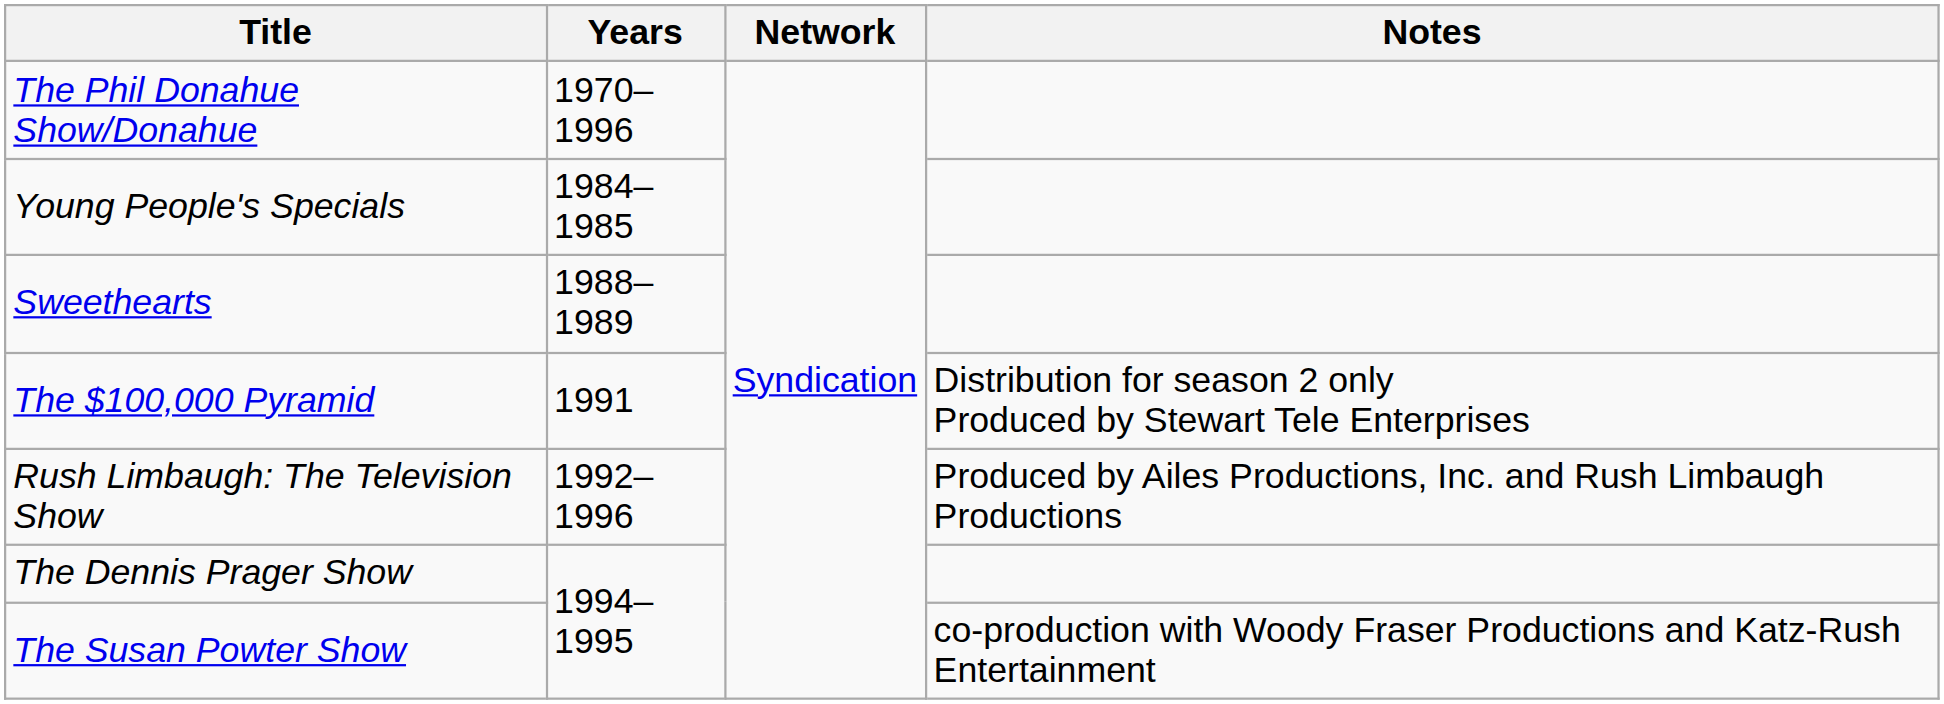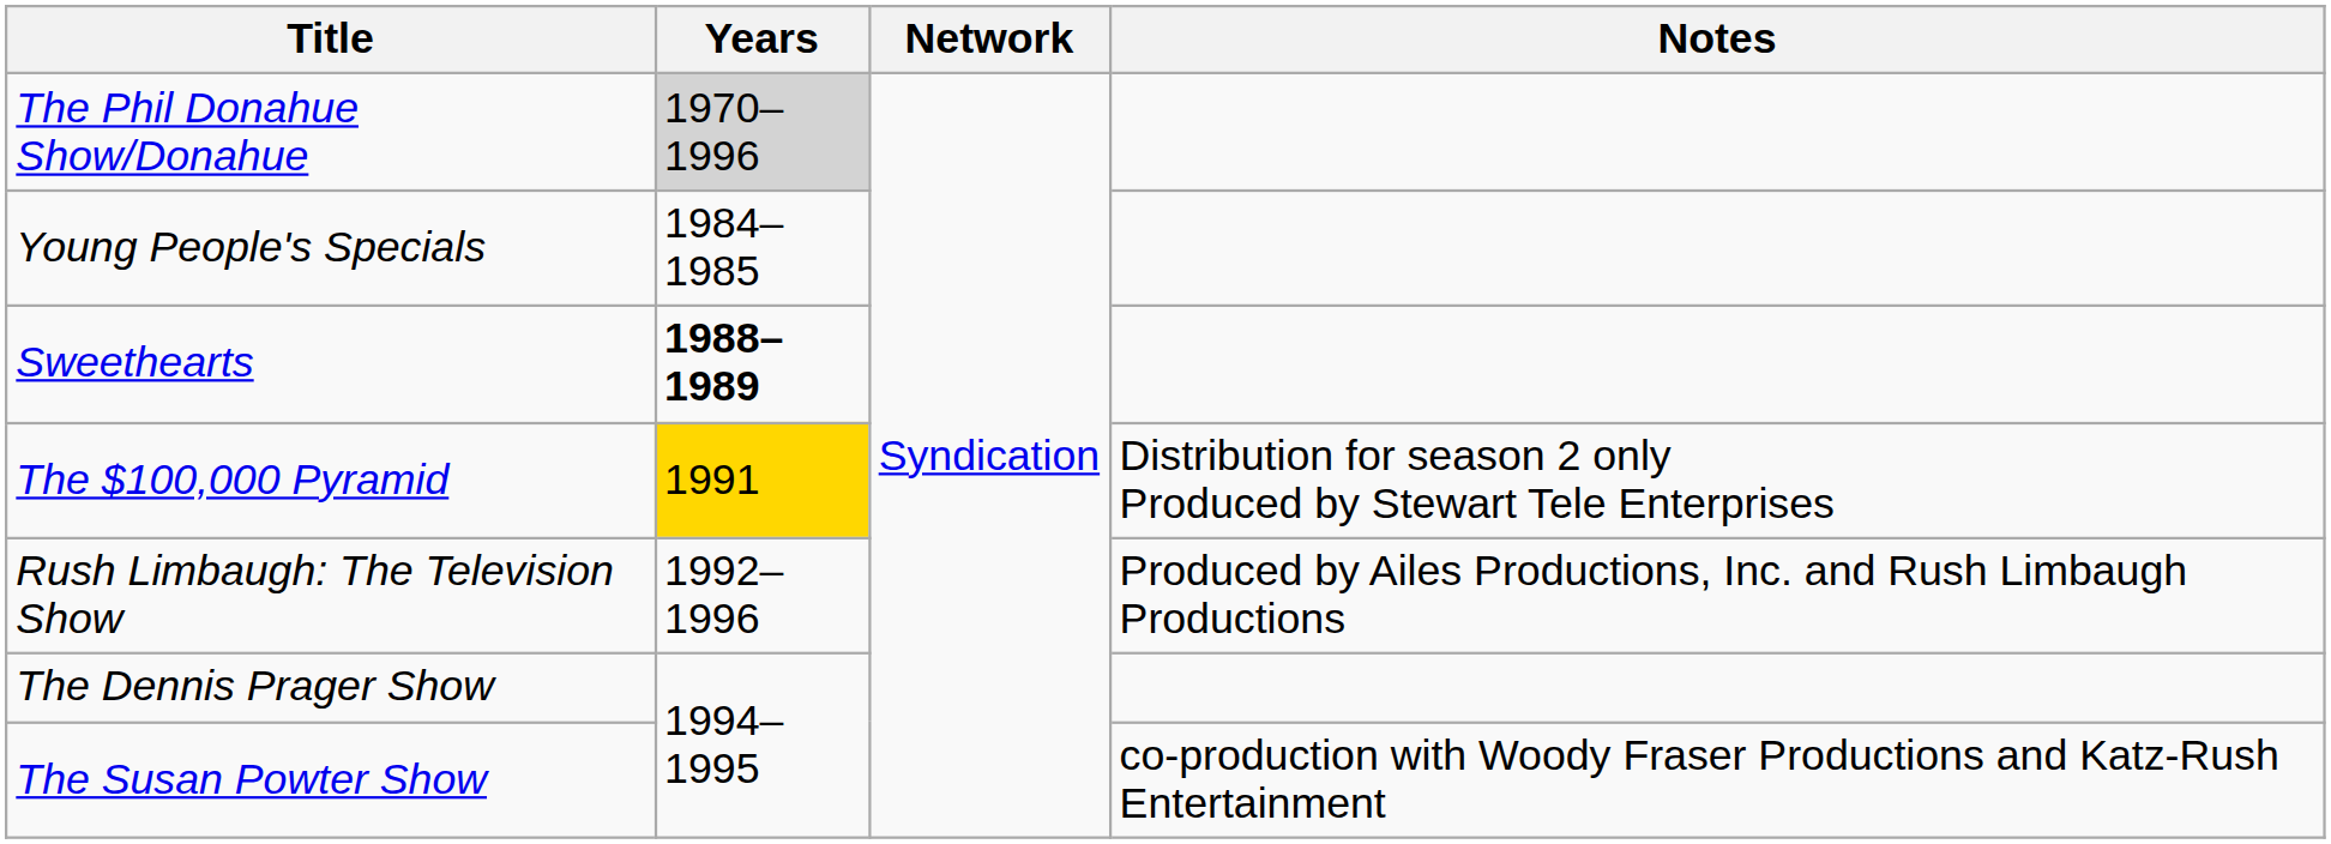 <table class="wikitable sortable">
 <tr>
 <th>Title</th>
 <th>Years</th>
 <th>Network</th>
 <th>Notes</th>
 </tr>
 <tr>
 <td><em><a href='#'>The Phil Donahue Show/Donahue</a></em></td>
-<td>1970–1996</td>
+<td style="background: lightgrey;">1970–1996</td>
 <td rowspan="7"><a href='#'>Syndication</a></td>
 <td></td>
 </tr>
 <tr>
 <td><em>Young People's Specials</em></td>
 <td>1984–1985</td>
 <td></td>
 </tr>
 <tr>
 <td><em><a href='#'>Sweethearts</a></em></td>
-<td>1988–1989</td>
+<td><strong>1988–1989</strong></td>
 <td></td>
 </tr>
 <tr>
 <td><em><a href='#'>The $100,000 Pyramid</a></em></td>
-<td>1991</td>
+<td style="background: gold;">1991</td>
 <td>Distribution for season 2 only<br>Produced by Stewart Tele Enterprises</td>
 </tr>
 <tr>
 <td><em>Rush Limbaugh: The Television Show</em></td>
 <td>1992–1996</td>
 <td>Produced by Ailes Productions, Inc. and Rush Limbaugh Productions</td>
 </tr>
 <tr>
 <td><em>The Dennis Prager Show</em></td>
 <td rowspan="2">1994–1995</td>
 <td></td>
 </tr>
 <tr>
 <td><em><a href='#'>The Susan Powter Show</a></em></td>
 <td>co-production with Woody Fraser Productions and Katz-Rush Entertainment</td>
 </tr>
 </table>
